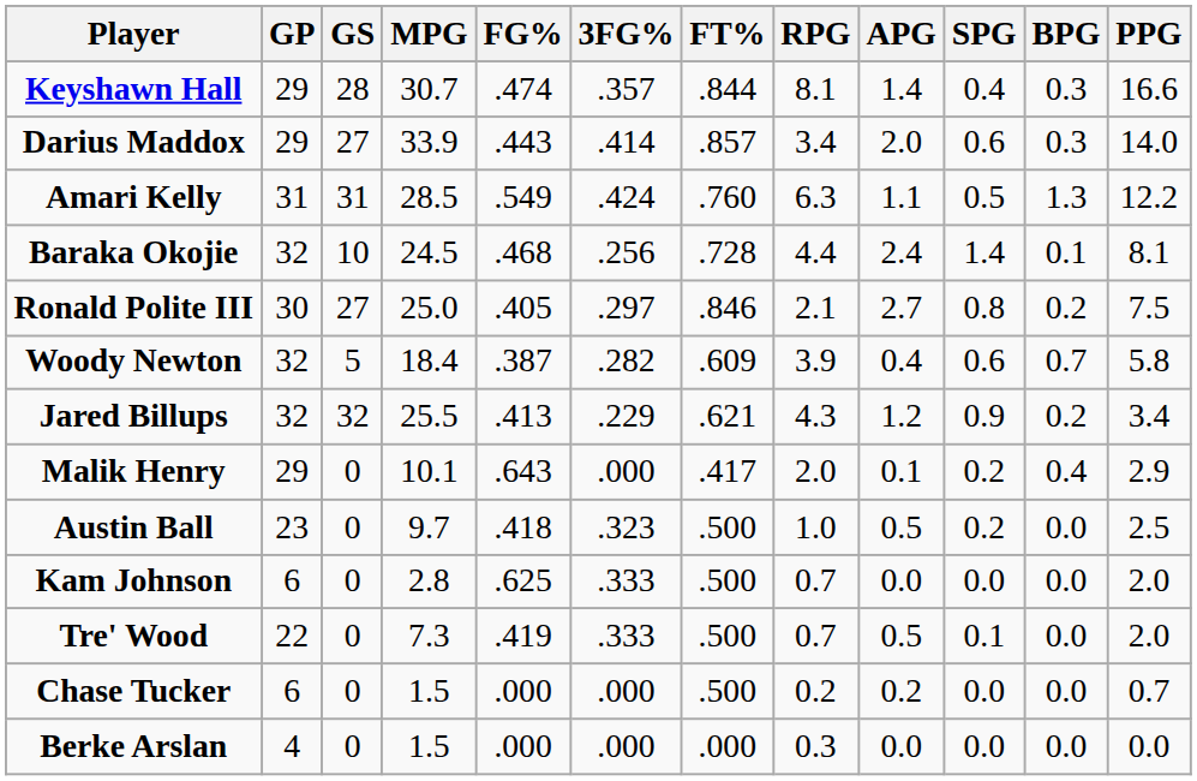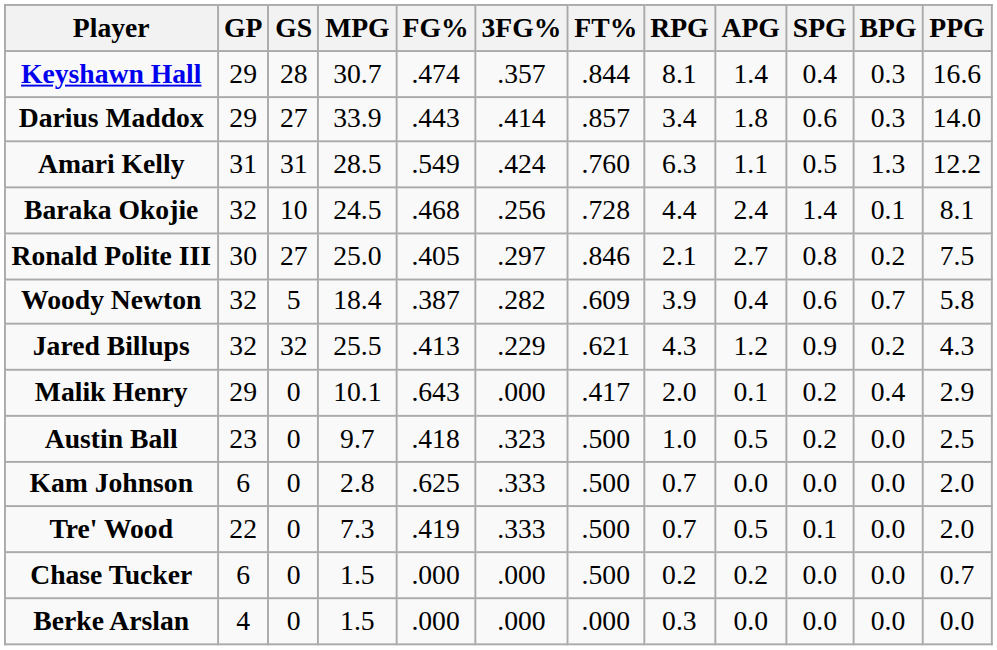 <table class="wikitable sortable" style="font-size: 90%">
 <tr>
 <th>Player</th>
 <th>GP</th>
 <th>GS</th>
 <th>MPG</th>
 <th>FG%</th>
 <th>3FG%</th>
 <th>FT%</th>
 <th>RPG</th>
 <th>APG</th>
 <th>SPG</th>
 <th>BPG</th>
 <th>PPG</th>
 </tr>
 <tr align="center" bgcolor="">
 <td><strong><a href='#'>Keyshawn Hall</a></strong></td>
 <td>29</td>
 <td>28</td>
 <td>30.7</td>
 <td>.474</td>
 <td>.357</td>
 <td>.844</td>
 <td>8.1</td>
 <td>1.4</td>
 <td>0.4</td>
 <td>0.3</td>
 <td>16.6</td>
 </tr>
 <tr align="center" bgcolor="">
 <td><strong>Darius Maddox</strong></td>
 <td>29</td>
 <td>27</td>
 <td>33.9</td>
 <td>.443</td>
 <td>.414</td>
 <td>.857</td>
 <td>3.4</td>
-<td>2.0</td>
+<td>1.8</td>
 <td>0.6</td>
 <td>0.3</td>
 <td>14.0</td>
 </tr>
 <tr align="center" bgcolor="">
 <td><strong>Amari Kelly</strong></td>
 <td>31</td>
 <td>31</td>
 <td>28.5</td>
 <td>.549</td>
 <td>.424</td>
 <td>.760</td>
 <td>6.3</td>
 <td>1.1</td>
 <td>0.5</td>
 <td>1.3</td>
 <td>12.2</td>
 </tr>
 <tr align="center" bgcolor="">
 <td><strong>Baraka Okojie</strong></td>
 <td>32</td>
 <td>10</td>
 <td>24.5</td>
 <td>.468</td>
 <td>.256</td>
 <td>.728</td>
 <td>4.4</td>
 <td>2.4</td>
 <td>1.4</td>
 <td>0.1</td>
 <td>8.1</td>
 </tr>
 <tr align="center" bgcolor="">
 <td><strong>Ronald Polite III</strong></td>
 <td>30</td>
 <td>27</td>
 <td>25.0</td>
 <td>.405</td>
 <td>.297</td>
 <td>.846</td>
 <td>2.1</td>
 <td>2.7</td>
 <td>0.8</td>
 <td>0.2</td>
 <td>7.5</td>
 </tr>
 <tr align="center" bgcolor="">
 <td><strong>Woody Newton</strong></td>
 <td>32</td>
 <td>5</td>
 <td>18.4</td>
 <td>.387</td>
 <td>.282</td>
 <td>.609</td>
 <td>3.9</td>
 <td>0.4</td>
 <td>0.6</td>
 <td>0.7</td>
 <td>5.8</td>
 </tr>
 <tr align="center" bgcolor="">
 <td><strong>Jared Billups</strong></td>
 <td>32</td>
 <td>32</td>
 <td>25.5</td>
 <td>.413</td>
 <td>.229</td>
 <td>.621</td>
 <td>4.3</td>
 <td>1.2</td>
 <td>0.9</td>
 <td>0.2</td>
-<td>3.4</td>
+<td>4.3</td>
 </tr>
 <tr align="center" bgcolor="">
 <td><strong>Malik Henry</strong></td>
 <td>29</td>
 <td>0</td>
 <td>10.1</td>
 <td>.643</td>
 <td>.000</td>
 <td>.417</td>
 <td>2.0</td>
 <td>0.1</td>
 <td>0.2</td>
 <td>0.4</td>
 <td>2.9</td>
 </tr>
 <tr align="center" bgcolor="">
 <td><strong>Austin Ball</strong></td>
 <td>23</td>
 <td>0</td>
 <td>9.7</td>
 <td>.418</td>
 <td>.323</td>
 <td>.500</td>
 <td>1.0</td>
 <td>0.5</td>
 <td>0.2</td>
 <td>0.0</td>
 <td>2.5</td>
 </tr>
 <tr align="center" bgcolor="">
 <td><strong>Kam Johnson</strong></td>
 <td>6</td>
 <td>0</td>
 <td>2.8</td>
 <td>.625</td>
 <td>.333</td>
 <td>.500</td>
 <td>0.7</td>
 <td>0.0</td>
 <td>0.0</td>
 <td>0.0</td>
 <td>2.0</td>
 </tr>
 <tr align="center" bgcolor="">
 <td><strong>Tre' Wood</strong></td>
 <td>22</td>
 <td>0</td>
 <td>7.3</td>
 <td>.419</td>
 <td>.333</td>
 <td>.500</td>
 <td>0.7</td>
 <td>0.5</td>
 <td>0.1</td>
 <td>0.0</td>
 <td>2.0</td>
 </tr>
 <tr align="center" bgcolor="">
 <td><strong>Chase Tucker</strong></td>
 <td>6</td>
 <td>0</td>
 <td>1.5</td>
 <td>.000</td>
 <td>.000</td>
 <td>.500</td>
 <td>0.2</td>
 <td>0.2</td>
 <td>0.0</td>
 <td>0.0</td>
 <td>0.7</td>
 </tr>
 <tr align="center" bgcolor="">
 <td><strong>Berke Arslan</strong></td>
 <td>4</td>
 <td>0</td>
 <td>1.5</td>
 <td>.000</td>
 <td>.000</td>
 <td>.000</td>
 <td>0.3</td>
 <td>0.0</td>
 <td>0.0</td>
 <td>0.0</td>
 <td>0.0</td>
 </tr>
 </table>
